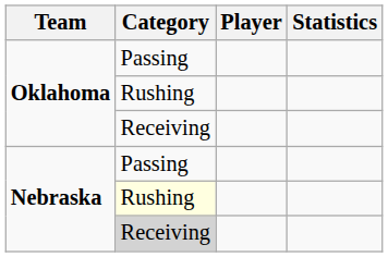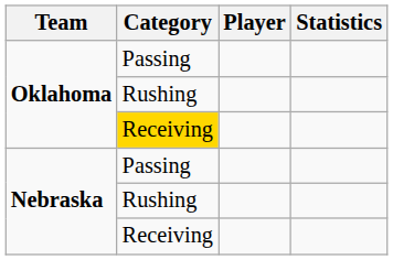 <table class="wikitable" style="float: right;">
 <tr>
 <th>Team</th>
 <th>Category</th>
 <th>Player</th>
 <th>Statistics</th>
 </tr>
 <tr>
 <td rowspan=3><strong>Oklahoma</strong></td>
 <td>Passing</td>
 <td></td>
 <td></td>
 </tr>
 <tr>
 <td>Rushing</td>
 <td></td>
 <td></td>
 </tr>
 <tr>
-<td>Receiving</td>
+<td style="background: gold;">Receiving</td>
 <td></td>
 <td></td>
 </tr>
 <tr>
 <td rowspan=3><strong>Nebraska</strong></td>
 <td>Passing</td>
 <td></td>
 <td></td>
 </tr>
 <tr>
-<td style="background: lightyellow;">Rushing</td>
+<td>Rushing</td>
 <td></td>
 <td></td>
 </tr>
 <tr>
-<td style="background: lightgrey;">Receiving</td>
+<td>Receiving</td>
 <td></td>
 <td></td>
 </tr>
 </table>
